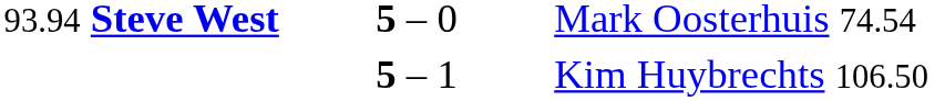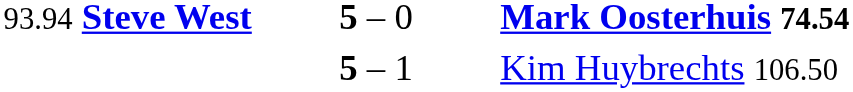 <table style="text-align:center">
 <tr>
 <th width=223></th>
 <th width=100></th>
 <th width=223></th>
 </tr>
 <tr>
 <td align=right><small><span>93.94</span></small> <strong><a href='#'>Steve West</a></strong> </td>
 <td><strong>5</strong> – 0</td>
-<td align=left> <a href='#'>Mark Oosterhuis</a> <small><span>74.54</span></small></td>
+<td align=left><strong> <a href='#'>Mark Oosterhuis</a> <small><span>74.54</span></small></strong></td>
 </tr>
 <tr>
 <td align=right></td>
 <td><strong>5</strong> – 1</td>
 <td align=left> <a href='#'>Kim Huybrechts</a> <small><span>106.50</span></small></td>
 </tr>
 </table>
